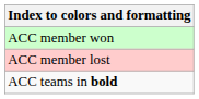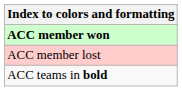 <table class="wikitable">
 <tr>
 <th>Index to colors and formatting</th>
 </tr>
 <tr style="background:#cfc;">
-<td>ACC member won</td>
+<td><strong>ACC member won</strong></td>
 </tr>
 <tr style="background:#fcc;">
 <td>ACC member lost</td>
 </tr>
 <tr>
 <td>ACC teams in <strong>bold</strong></td>
 </tr>
 </table>
